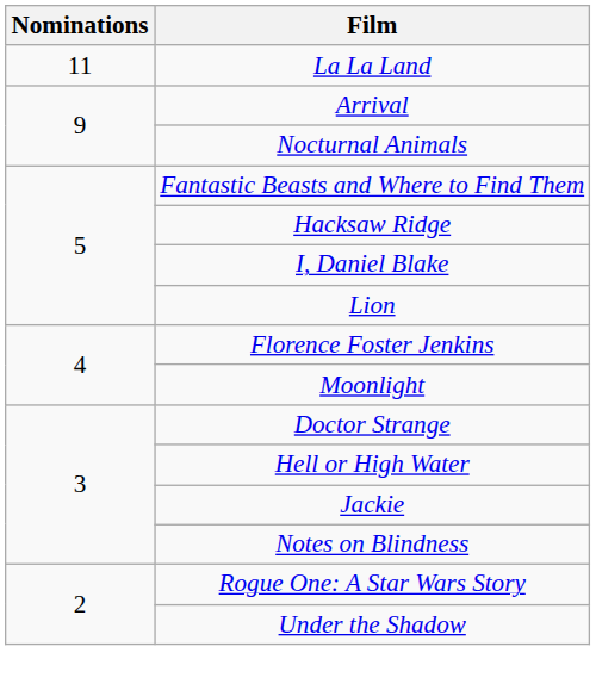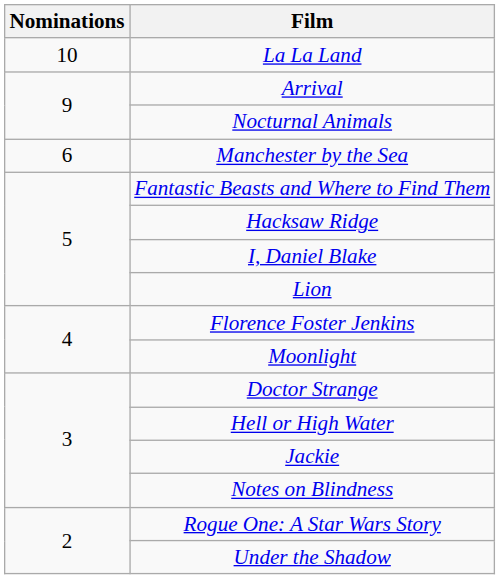 <table class="wikitable" style="text-align:center;">
 <tr>
 <th style="background:">Nominations</th>
 <th style="background:">Film</th>
 </tr>
 <tr>
-<td>11</td>
+<td>10</td>
 <td><em><a href='#'>La La Land</a></em></td>
 </tr>
 <tr>
 <td rowspan="2">9</td>
 <td><em><a href='#'>Arrival</a></em></td>
 </tr>
 <tr>
 <td><em><a href='#'>Nocturnal Animals</a></em></td>
+</tr>
+<tr>
+<td>6</td>
+<td><em><a href='#'>Manchester by the Sea</a></em></td>
 </tr>
 <tr>
 <td rowspan="4">5</td>
 <td><em><a href='#'>Fantastic Beasts and Where to Find Them</a></em></td>
 </tr>
 <tr>
 <td><em><a href='#'>Hacksaw Ridge</a></em></td>
 </tr>
 <tr>
 <td><em><a href='#'>I, Daniel Blake</a></em></td>
 </tr>
 <tr>
 <td><em><a href='#'>Lion</a></em></td>
 </tr>
 <tr>
 <td rowspan="2">4</td>
 <td><em><a href='#'>Florence Foster Jenkins</a></em></td>
 </tr>
 <tr>
 <td><em><a href='#'>Moonlight</a></em></td>
 </tr>
 <tr>
 <td rowspan="4">3</td>
 <td><em><a href='#'>Doctor Strange</a></em></td>
 </tr>
 <tr>
 <td><em><a href='#'>Hell or High Water</a></em></td>
 </tr>
 <tr>
 <td><em><a href='#'>Jackie</a></em></td>
 </tr>
 <tr>
 <td><em><a href='#'>Notes on Blindness</a></em></td>
 </tr>
 <tr>
 <td rowspan="2">2</td>
 <td><em><a href='#'>Rogue One: A Star Wars Story</a></em></td>
 </tr>
 <tr>
 <td><em><a href='#'>Under the Shadow</a></em></td>
 </tr>
 </table>
